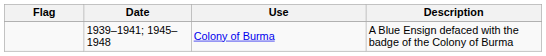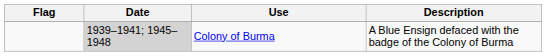 <table class="wikitable">
 <tr style="background:#efefef;">
 <th style="width:110px;">Flag</th>
 <th style="width:150px;">Date</th>
 <th style="width:250px;">Use</th>
 <th style="width:250px;">Description</th>
 </tr>
 <tr>
 </tr>
 <tr>
 <td></td>
-<td>1939–1941; 1945–1948</td>
+<td style="background: lightgrey;">1939–1941; 1945–1948</td>
 <td><a href='#'>Colony of Burma</a></td>
 <td>A Blue Ensign defaced with the badge of the Colony of Burma</td>
 </tr>
 </table>
